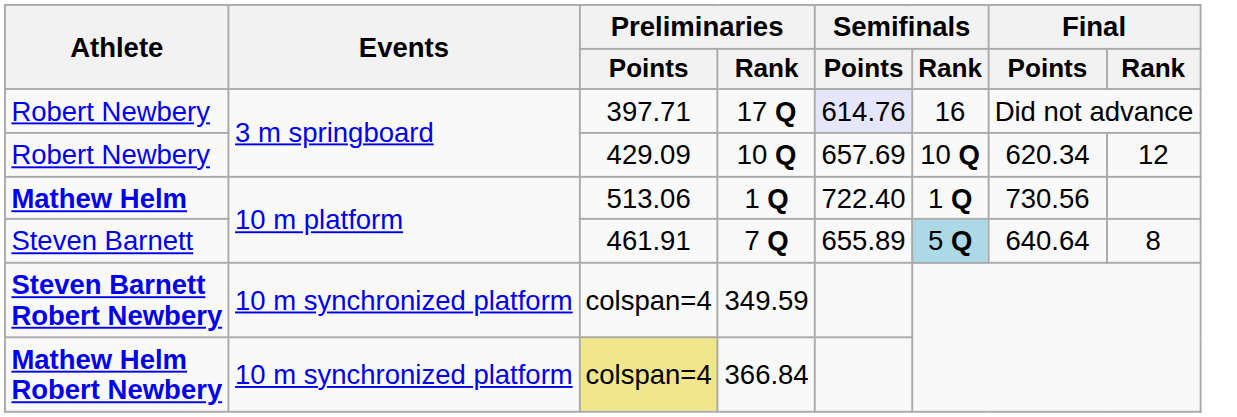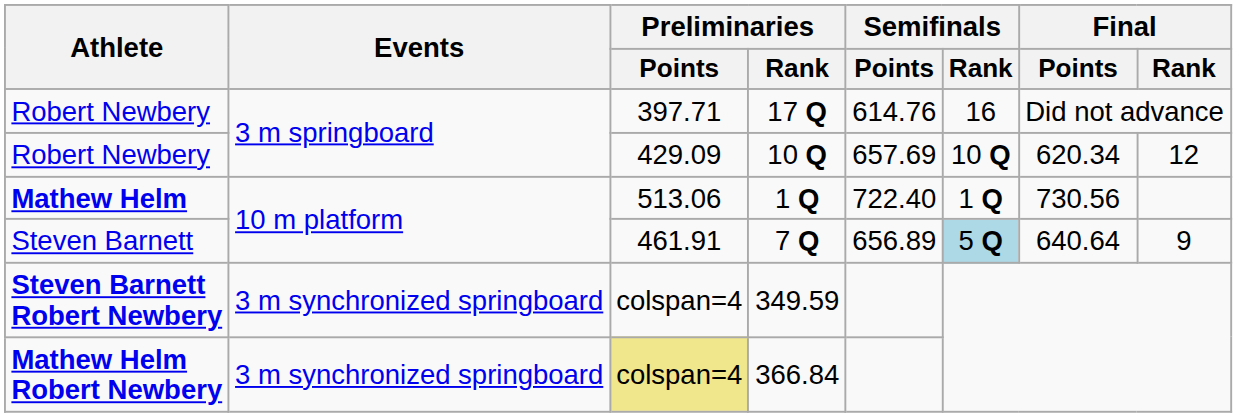 <table class=wikitable style="font-size:90%">
 <tr>
 <th rowspan="2">Athlete</th>
 <th rowspan="2">Events</th>
 <th colspan="2">Preliminaries</th>
 <th colspan="2">Semifinals</th>
 <th colspan="2">Final</th>
 </tr>
 <tr style="font-size:95%">
 <th>Points</th>
 <th>Rank</th>
 <th>Points</th>
 <th>Rank</th>
 <th>Points</th>
 <th>Rank</th>
 </tr>
 <tr align=center>
 <td align=left><a href='#'>Robert Newbery</a></td>
 <td align=left rowspan=2><a href='#'>3 m springboard</a></td>
 <td>397.71</td>
 <td>17 <strong>Q</strong></td>
-<td style="background: lavender;">614.76</td>
+<td>614.76</td>
 <td>16</td>
 <td colspan=4>Did not advance</td>
 </tr>
 <tr align=center>
 <td align=left><a href='#'>Robert Newbery</a></td>
 <td>429.09</td>
 <td>10 <strong>Q</strong></td>
 <td>657.69</td>
 <td>10 <strong>Q</strong></td>
 <td>620.34</td>
 <td>12</td>
 </tr>
 <tr align=center>
 <td align=left><strong><a href='#'>Mathew Helm</a></strong></td>
 <td align=left rowspan=2><a href='#'>10 m platform</a></td>
 <td>513.06</td>
 <td>1 <strong>Q</strong></td>
 <td>722.40</td>
 <td>1 <strong>Q</strong></td>
 <td>730.56</td>
 <td></td>
 </tr>
 <tr align=center>
 <td align=left><a href='#'>Steven Barnett</a></td>
 <td>461.91</td>
 <td>7 <strong>Q</strong></td>
-<td>655.89</td>
+<td>656.89</td>
 <td style="background: lightblue;">5 <strong>Q</strong></td>
 <td>640.64</td>
-<td>8</td>
+<td>9</td>
 </tr>
 <tr align=center>
 <td align=left><strong><a href='#'>Steven Barnett</a><br><a href='#'>Robert Newbery</a></strong></td>
-<td align=left><a href='#'>10 m synchronized platform</a></td>
+<td align=left><a href='#'>3 m synchronized springboard</a></td>
 <td>colspan=4 </td>
 <td>349.59</td>
 <td></td>
 </tr>
 <tr align=center>
 <td align=left><strong><a href='#'>Mathew Helm</a><br><a href='#'>Robert Newbery</a></strong></td>
-<td align=left><a href='#'>10 m synchronized platform</a></td>
+<td align=left><a href='#'>3 m synchronized springboard</a></td>
 <td style="background: khaki;">colspan=4 </td>
 <td>366.84</td>
 <td></td>
 </tr>
 </table>
